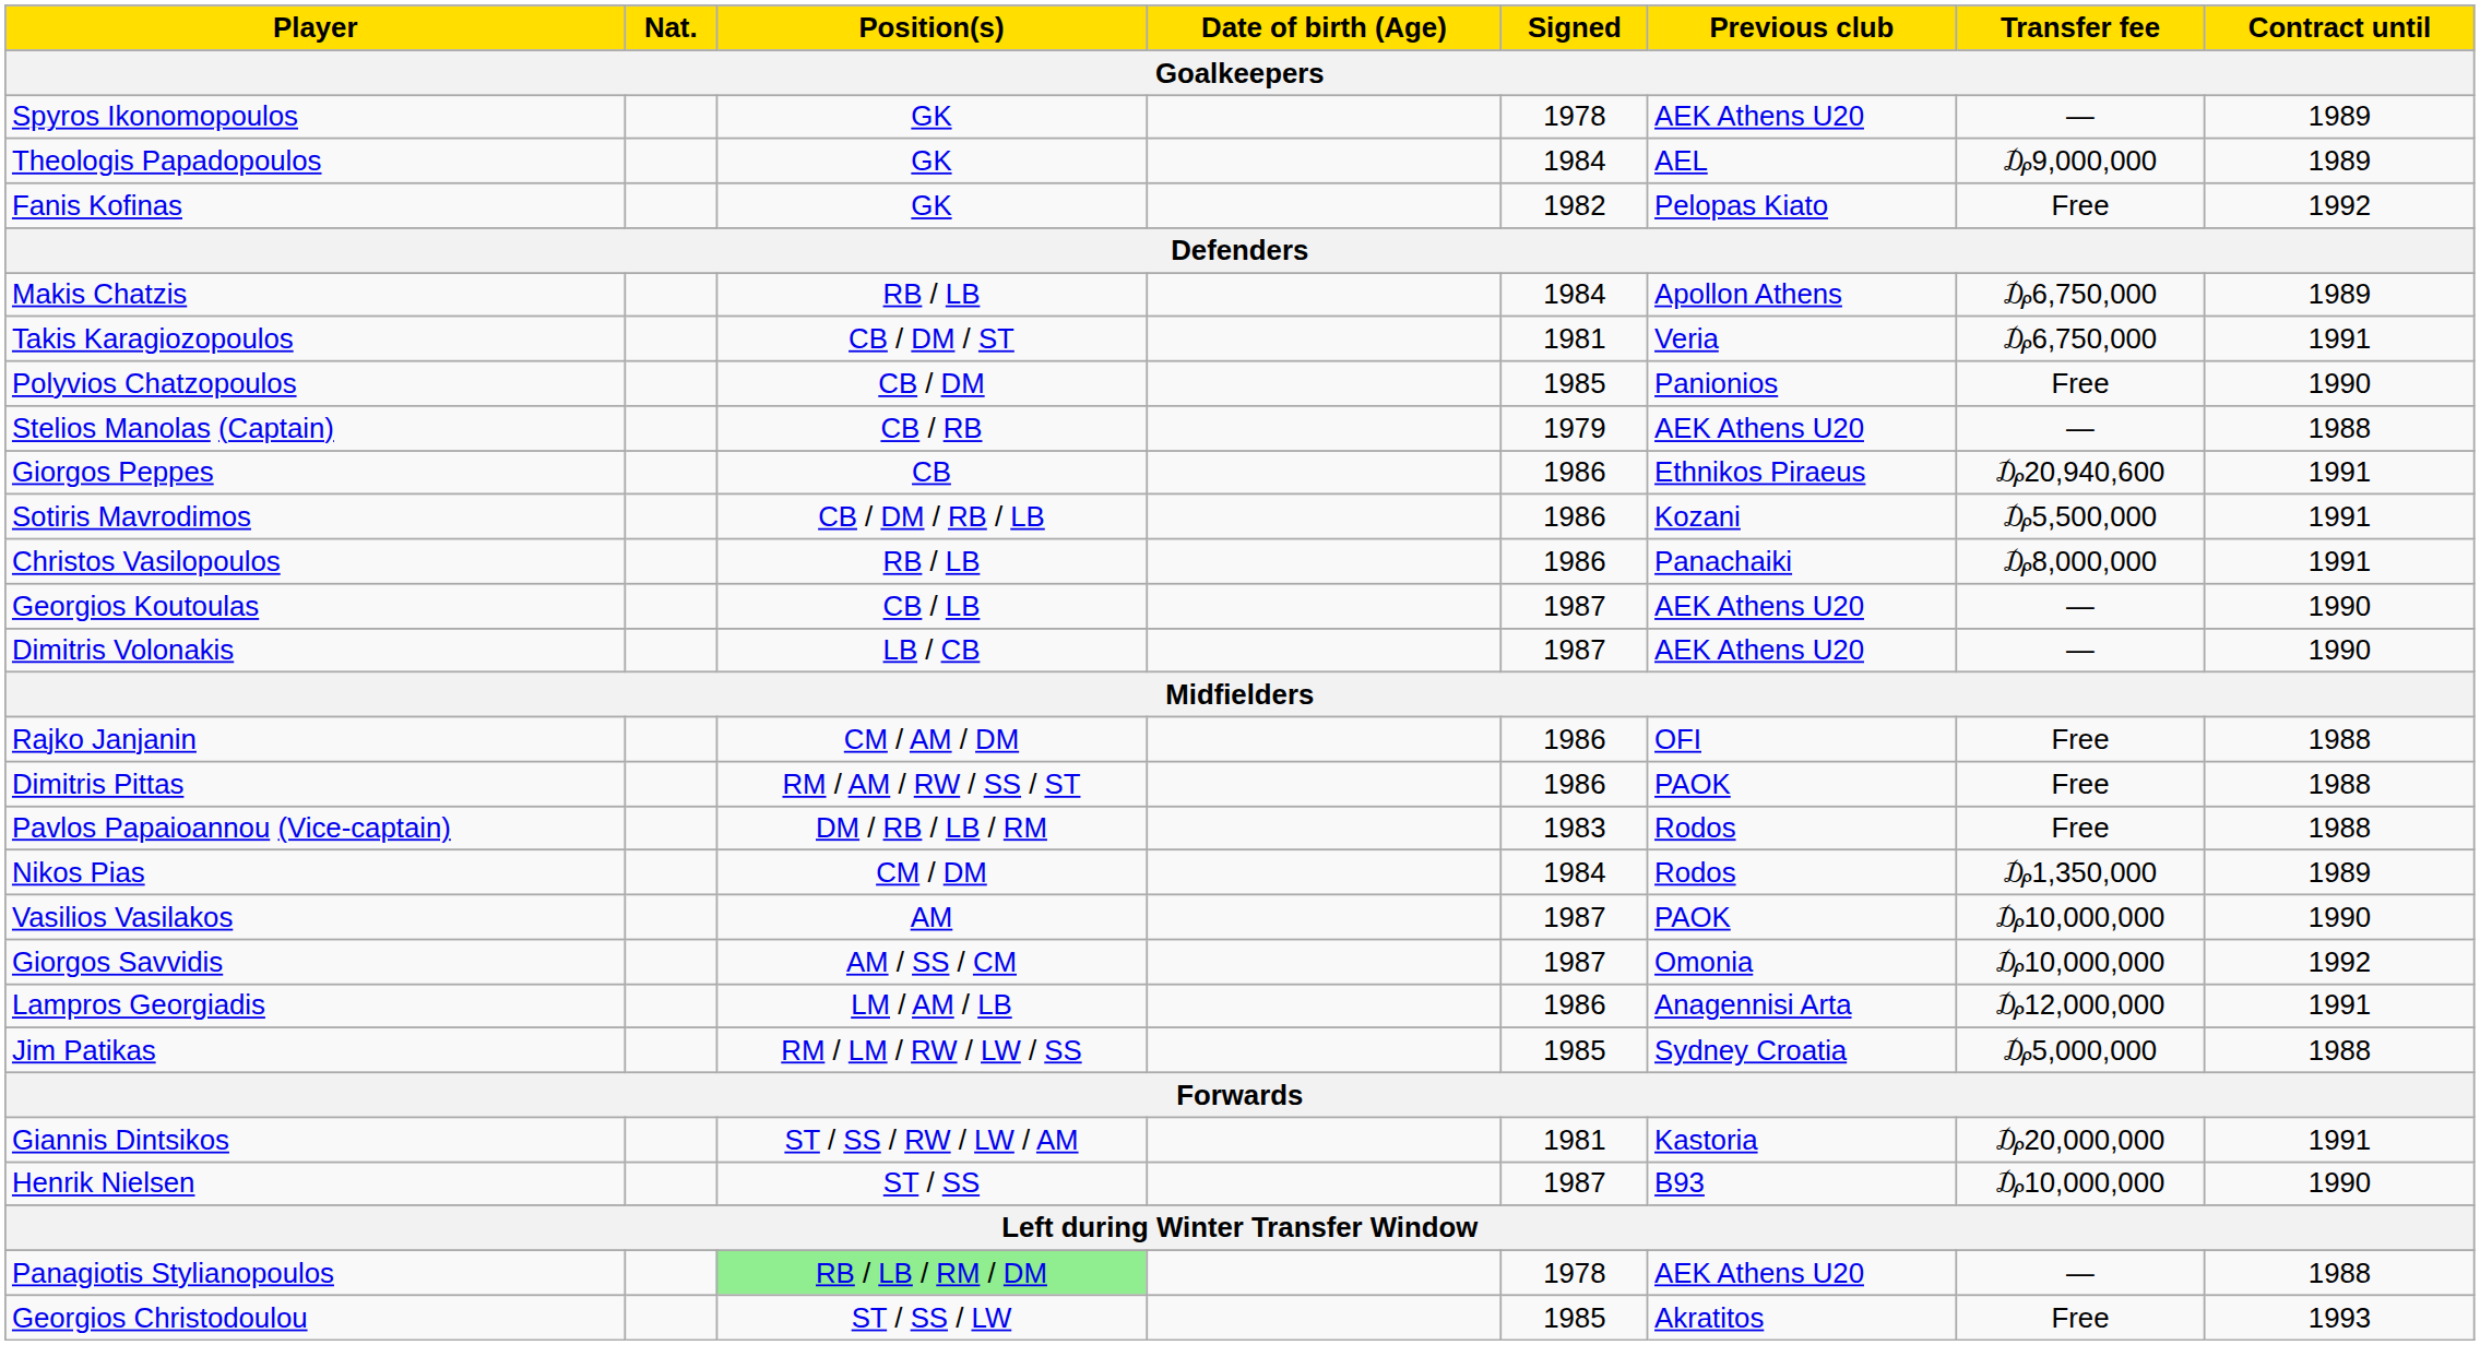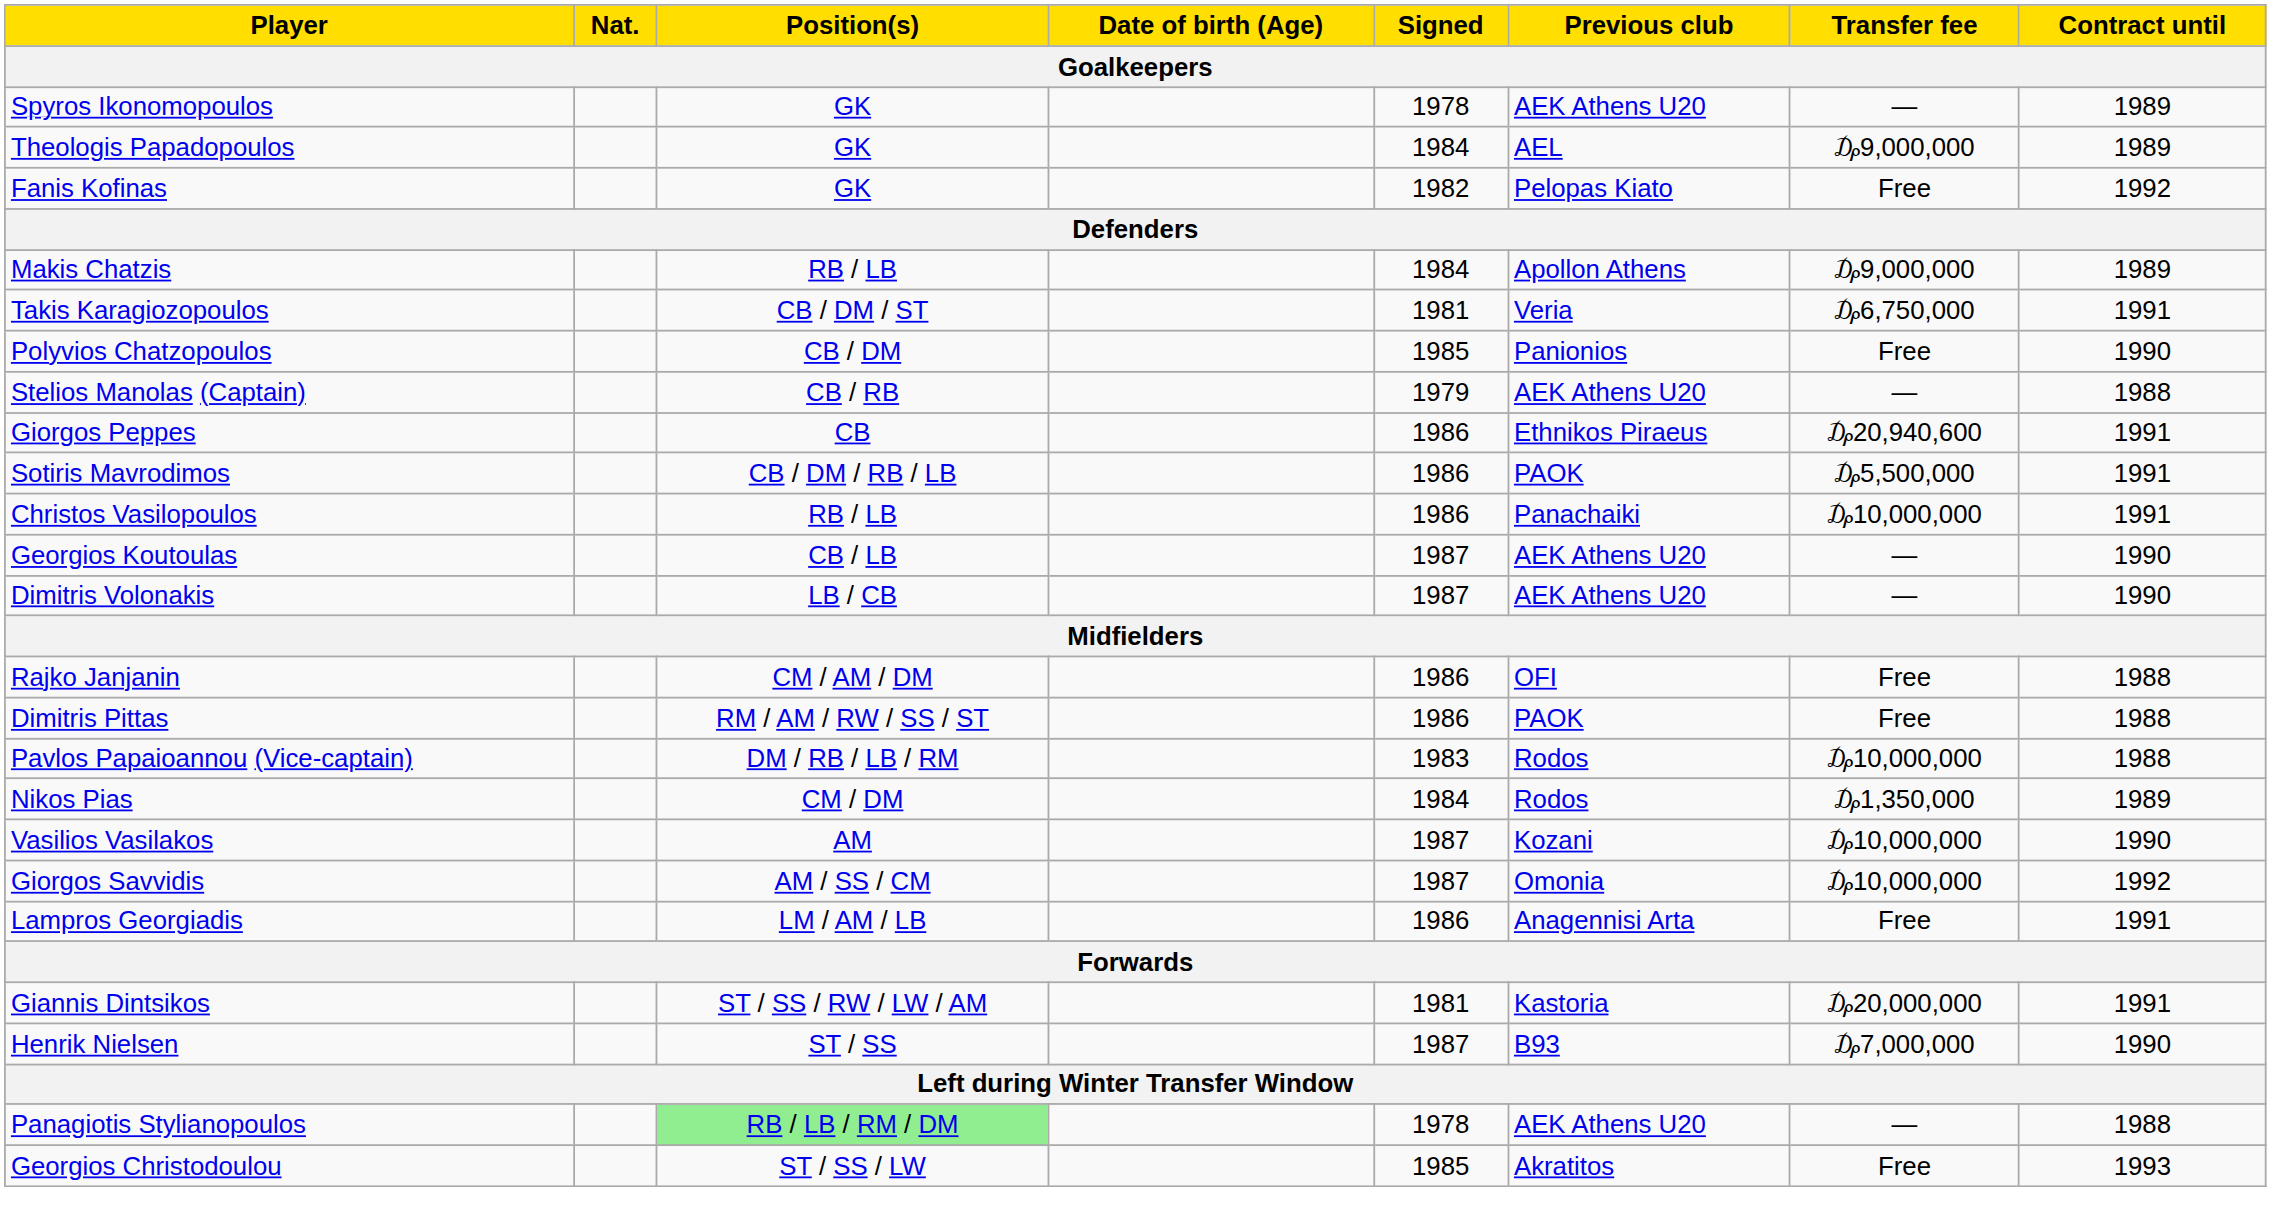 <table class="wikitable" style="text-align:center; font-size:90%;width:100%;">
 <tr>
 <th style="background:#FFDE00">Player</th>
 <th style="background:#FFDE00">Nat.</th>
 <th style="background:#FFDE00">Position(s)</th>
 <th style="background:#FFDE00">Date of birth (Age)</th>
 <th style="background:#FFDE00">Signed</th>
 <th style="background:#FFDE00">Previous club</th>
 <th style="background:#FFDE00">Transfer fee</th>
 <th style="background:#FFDE00">Contract until</th>
 </tr>
 <tr>
 <th colspan="8">Goalkeepers</th>
 </tr>
 <tr>
 <td align=left><a href='#'>Spyros Ikonomopoulos</a></td>
 <td></td>
 <td><a href='#'>GK</a></td>
 <td></td>
 <td>1978</td>
 <td align=left> <a href='#'>AEK Athens U20</a></td>
 <td>—</td>
 <td>1989</td>
 </tr>
 <tr>
 <td align=left><a href='#'>Theologis Papadopoulos</a></td>
 <td></td>
 <td><a href='#'>GK</a></td>
 <td></td>
 <td>1984</td>
 <td align=left> <a href='#'>AEL</a></td>
 <td>₯9,000,000</td>
 <td>1989</td>
 </tr>
 <tr>
 <td align=left><a href='#'>Fanis Kofinas</a></td>
 <td></td>
 <td><a href='#'>GK</a></td>
 <td></td>
 <td>1982</td>
 <td align=left> <a href='#'>Pelopas Kiato</a></td>
 <td>Free</td>
 <td>1992</td>
 </tr>
 <tr>
 <th colspan="8">Defenders</th>
 </tr>
 <tr>
 <td align=left><a href='#'>Makis Chatzis</a></td>
 <td></td>
 <td><a href='#'>RB</a> / <a href='#'>LB</a></td>
 <td></td>
 <td>1984</td>
 <td align=left> <a href='#'>Apollon Athens</a></td>
-<td>₯6,750,000</td>
+<td>₯9,000,000</td>
 <td>1989</td>
 </tr>
 <tr>
 <td align=left><a href='#'>Takis Karagiozopoulos</a></td>
 <td></td>
 <td><a href='#'>CB</a> / <a href='#'>DM</a> / <a href='#'>ST</a></td>
 <td></td>
 <td>1981</td>
 <td align=left> <a href='#'>Veria</a></td>
 <td>₯6,750,000</td>
 <td>1991</td>
 </tr>
 <tr>
 <td align=left><a href='#'>Polyvios Chatzopoulos</a></td>
 <td></td>
 <td><a href='#'>CB</a> / <a href='#'>DM</a></td>
 <td></td>
 <td>1985</td>
 <td align=left> <a href='#'>Panionios</a></td>
 <td>Free</td>
 <td>1990</td>
 </tr>
 <tr>
 <td align=left><a href='#'>Stelios Manolas</a> <a href='#'>(Captain)</a></td>
 <td></td>
 <td><a href='#'>CB</a> / <a href='#'>RB</a></td>
 <td></td>
 <td>1979</td>
 <td align=left> <a href='#'>AEK Athens U20</a></td>
 <td>—</td>
 <td>1988</td>
 </tr>
 <tr>
 <td align=left><a href='#'>Giorgos Peppes</a></td>
 <td></td>
 <td><a href='#'>CB</a></td>
 <td></td>
 <td>1986</td>
 <td align=left> <a href='#'>Ethnikos Piraeus</a></td>
 <td>₯20,940,600</td>
 <td>1991</td>
 </tr>
 <tr>
 <td align=left><a href='#'>Sotiris Mavrodimos</a></td>
 <td></td>
 <td><a href='#'>CB</a> / <a href='#'>DM</a> / <a href='#'>RB</a> / <a href='#'>LB</a></td>
 <td></td>
 <td>1986</td>
-<td align=left> <a href='#'>Kozani</a></td>
+<td align=left> <a href='#'>PAOK</a></td>
 <td>₯5,500,000</td>
 <td>1991</td>
 </tr>
 <tr>
 <td align=left><a href='#'>Christos Vasilopoulos</a></td>
 <td></td>
 <td><a href='#'>RB</a> / <a href='#'>LB</a></td>
 <td></td>
 <td>1986</td>
 <td align=left> <a href='#'>Panachaiki</a></td>
-<td>₯8,000,000</td>
+<td>₯10,000,000</td>
 <td>1991</td>
 </tr>
 <tr>
 <td align=left><a href='#'>Georgios Koutoulas</a></td>
 <td></td>
 <td><a href='#'>CB</a> / <a href='#'>LB</a></td>
 <td></td>
 <td>1987</td>
 <td align=left> <a href='#'>AEK Athens U20</a></td>
 <td>—</td>
 <td>1990</td>
 </tr>
 <tr>
 <td align=left><a href='#'>Dimitris Volonakis</a></td>
 <td></td>
 <td><a href='#'>LB</a> / <a href='#'>CB</a></td>
 <td></td>
 <td>1987</td>
 <td align=left> <a href='#'>AEK Athens U20</a></td>
 <td>—</td>
 <td>1990</td>
 </tr>
 <tr>
 <th colspan="8">Midfielders</th>
 </tr>
 <tr>
 <td align=left><a href='#'>Rajko Janjanin</a></td>
 <td></td>
 <td><a href='#'>CM</a> / <a href='#'>AM</a> / <a href='#'>DM</a></td>
 <td></td>
 <td>1986</td>
 <td align=left> <a href='#'>OFI</a></td>
 <td>Free</td>
 <td>1988</td>
 </tr>
 <tr>
 <td align=left><a href='#'>Dimitris Pittas</a></td>
 <td></td>
 <td><a href='#'>RM</a> / <a href='#'>AM</a> / <a href='#'>RW</a> / <a href='#'>SS</a> / <a href='#'>ST</a></td>
 <td></td>
 <td>1986</td>
 <td align=left> <a href='#'>PAOK</a></td>
 <td>Free</td>
 <td>1988</td>
 </tr>
 <tr>
 <td align=left><a href='#'>Pavlos Papaioannou</a> <a href='#'>(Vice-captain)</a></td>
 <td></td>
 <td><a href='#'>DM</a> / <a href='#'>RB</a> / <a href='#'>LB</a> / <a href='#'>RM</a></td>
 <td></td>
 <td>1983</td>
 <td align=left> <a href='#'>Rodos</a></td>
-<td>Free</td>
+<td>₯10,000,000</td>
 <td>1988</td>
 </tr>
 <tr>
 <td align=left><a href='#'>Nikos Pias</a></td>
 <td></td>
 <td><a href='#'>CM</a> / <a href='#'>DM</a></td>
 <td></td>
 <td>1984</td>
 <td align=left> <a href='#'>Rodos</a></td>
 <td>₯1,350,000</td>
 <td>1989</td>
 </tr>
 <tr>
 <td align=left><a href='#'>Vasilios Vasilakos</a></td>
 <td></td>
 <td><a href='#'>AM</a></td>
 <td></td>
 <td>1987</td>
-<td align=left> <a href='#'>PAOK</a></td>
+<td align=left> <a href='#'>Kozani</a></td>
 <td>₯10,000,000</td>
 <td>1990</td>
 </tr>
 <tr>
 <td align=left><a href='#'>Giorgos Savvidis</a></td>
 <td></td>
 <td><a href='#'>AM</a> / <a href='#'>SS</a> / <a href='#'>CM</a></td>
 <td></td>
 <td>1987</td>
 <td align=left> <a href='#'>Omonia</a></td>
 <td>₯10,000,000</td>
 <td>1992</td>
 </tr>
 <tr>
 <td align=left><a href='#'>Lampros Georgiadis</a></td>
 <td></td>
 <td><a href='#'>LM</a> / <a href='#'>AM</a> / <a href='#'>LB</a></td>
 <td></td>
 <td>1986</td>
 <td align=left> <a href='#'>Anagennisi Arta</a></td>
-<td>₯12,000,000</td>
+<td>Free</td>
 <td>1991</td>
-</tr>
-<tr>
-<td align=left><a href='#'>Jim Patikas</a></td>
-<td></td>
-<td><a href='#'>RM</a> / <a href='#'>LM</a> / <a href='#'>RW</a> / <a href='#'>LW</a> / <a href='#'>SS</a></td>
-<td></td>
-<td>1985</td>
-<td align=left> <a href='#'>Sydney Croatia</a></td>
-<td>₯5,000,000</td>
-<td>1988</td>
 </tr>
 <tr>
 <th colspan="8">Forwards</th>
 </tr>
 <tr>
 <td align=left><a href='#'>Giannis Dintsikos</a></td>
 <td></td>
 <td><a href='#'>ST</a> / <a href='#'>SS</a> / <a href='#'>RW</a> / <a href='#'>LW</a> / <a href='#'>AM</a></td>
 <td></td>
 <td>1981</td>
 <td align=left> <a href='#'>Kastoria</a></td>
 <td>₯20,000,000</td>
 <td>1991</td>
 </tr>
 <tr>
 <td align=left><a href='#'>Henrik Nielsen</a></td>
 <td></td>
 <td><a href='#'>ST</a> / <a href='#'>SS</a></td>
 <td></td>
 <td>1987</td>
 <td align=left> <a href='#'>B93</a></td>
-<td>₯10,000,000</td>
+<td>₯7,000,000</td>
 <td>1990</td>
 </tr>
 <tr>
 <th colspan="8">Left during Winter Transfer Window</th>
 </tr>
 <tr>
 <td align=left><a href='#'>Panagiotis Stylianopoulos</a></td>
 <td></td>
 <td style="background: lightgreen;"><a href='#'>RB</a> / <a href='#'>LB</a> / <a href='#'>RM</a> / <a href='#'>DM</a></td>
 <td></td>
 <td>1978</td>
 <td align=left> <a href='#'>AEK Athens U20</a></td>
 <td>—</td>
 <td>1988</td>
 </tr>
 <tr>
 <td align=left><a href='#'>Georgios Christodoulou</a></td>
 <td></td>
 <td><a href='#'>ST</a> / <a href='#'>SS</a> / <a href='#'>LW</a></td>
 <td></td>
 <td>1985</td>
 <td align=left> <a href='#'>Akratitos</a></td>
 <td>Free</td>
 <td>1993</td>
 </tr>
 </table>
